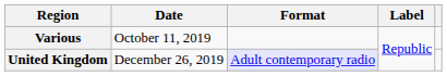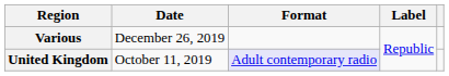 <table class="wikitable plainrowheaders">
 <tr>
 <th scope="col">Region</th>
 <th scope="col">Date</th>
 <th scope="col">Format</th>
 <th scope="col">Label</th>
 <th scope="col"></th>
 </tr>
 <tr>
 <th scope="row">Various</th>
-<td>October 11, 2019</td>
+<td>December 26, 2019</td>
 <td></td>
 <td rowspan="2"><a href='#'>Republic</a></td>
 <td></td>
 </tr>
 <tr>
 <th scope="row">United Kingdom</th>
-<td>December 26, 2019</td>
+<td>October 11, 2019</td>
 <td style="background: lavender;"><a href='#'>Adult contemporary radio</a></td>
 <td></td>
 </tr>
 </table>
